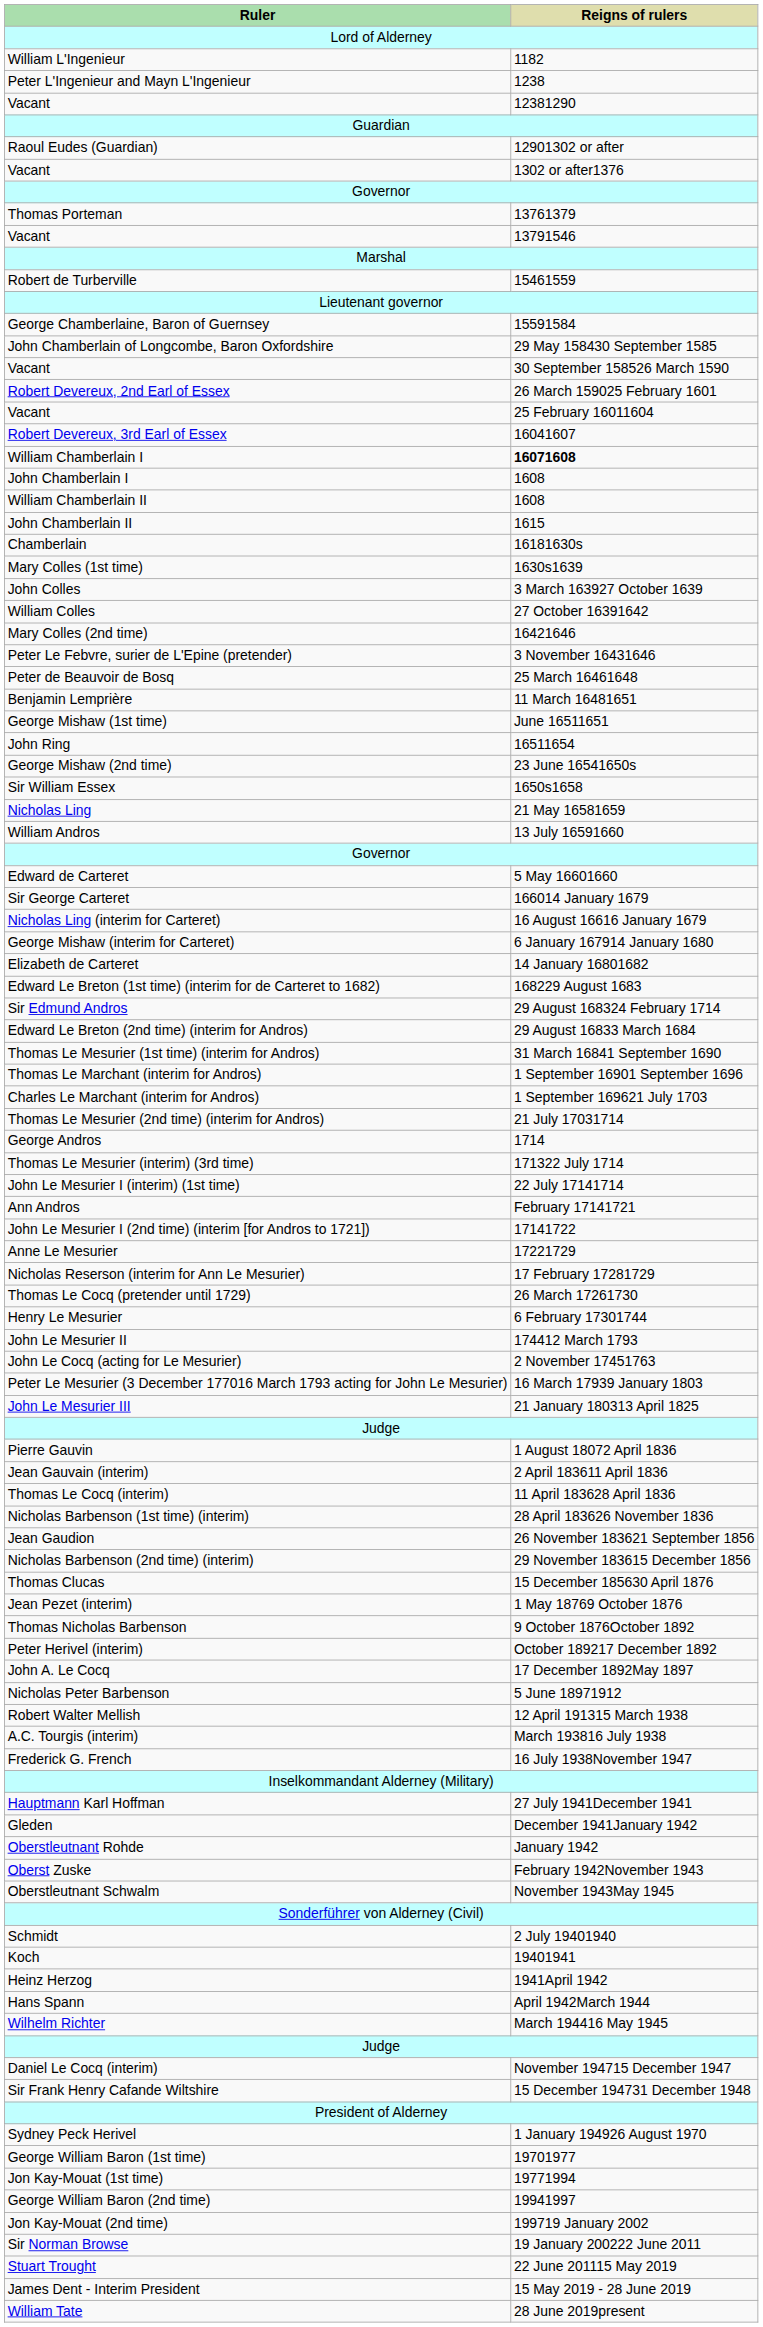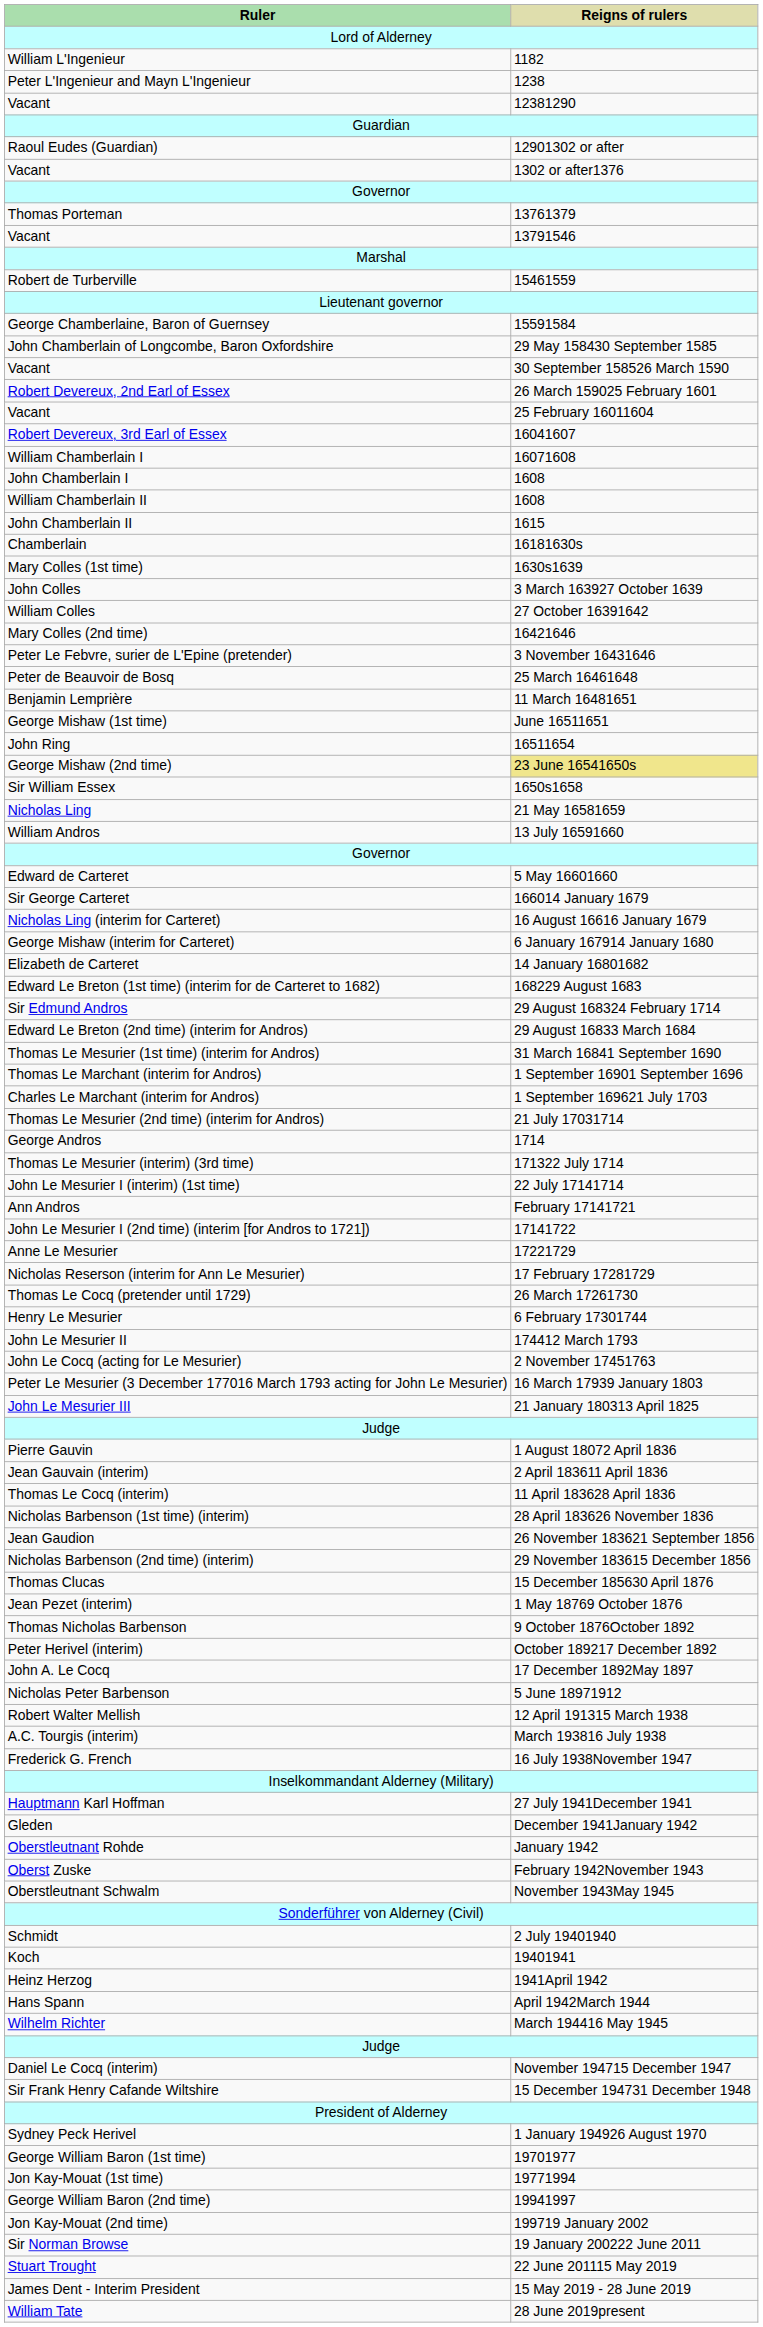 <table class="wikitable">
 <tr>
 <th style=background:#aadead;>Ruler</th>
 <th style=background:#dfdead;>Reigns of rulers</th>
 </tr>
 <tr>
 <td colspan="4" style="background:#c0ffff; text-align:center;">Lord of Alderney</td>
 </tr>
 <tr>
 <td>William L'Ingenieur</td>
 <td>1182</td>
 </tr>
 <tr>
 <td>Peter L'Ingenieur and Mayn L'Ingenieur</td>
 <td>1238</td>
 </tr>
 <tr>
 <td>Vacant</td>
 <td>12381290</td>
 </tr>
 <tr>
 <td colspan="4" style="background:#c0ffff; text-align:center;">Guardian</td>
 </tr>
 <tr>
 <td>Raoul Eudes (Guardian)</td>
 <td>12901302 or after</td>
 </tr>
 <tr>
 <td>Vacant</td>
 <td>1302 or after1376</td>
 </tr>
 <tr>
 <td colspan="4" style="background:#c0ffff; text-align:center;">Governor</td>
 </tr>
 <tr>
 <td>Thomas Porteman</td>
 <td>13761379</td>
 </tr>
 <tr>
 <td>Vacant</td>
 <td>13791546</td>
 </tr>
 <tr>
 <td colspan="4" style="background:#c0ffff; text-align:center;">Marshal</td>
 </tr>
 <tr>
 <td>Robert de Turberville</td>
 <td>15461559</td>
 </tr>
 <tr>
 <td colspan="4" style="background:#c0ffff; text-align:center;">Lieutenant governor</td>
 </tr>
 <tr>
 <td>George Chamberlaine, Baron of Guernsey</td>
 <td>15591584</td>
 </tr>
 <tr>
 <td>John Chamberlain of Longcombe, Baron Oxfordshire</td>
 <td>29 May 158430 September 1585</td>
 </tr>
 <tr>
 <td>Vacant</td>
 <td>30 September 158526 March 1590</td>
 </tr>
 <tr>
 <td><a href='#'>Robert Devereux, 2nd Earl of Essex</a></td>
 <td>26 March 159025 February 1601</td>
 </tr>
 <tr>
 <td>Vacant</td>
 <td>25 February 16011604</td>
 </tr>
 <tr>
 <td><a href='#'>Robert Devereux, 3rd Earl of Essex</a></td>
 <td>16041607</td>
 </tr>
 <tr>
 <td>William Chamberlain I</td>
-<td><strong>16071608</strong></td>
+<td>16071608</td>
 </tr>
 <tr>
 <td>John Chamberlain I</td>
 <td>1608</td>
 </tr>
 <tr>
 <td>William Chamberlain II</td>
 <td>1608</td>
 </tr>
 <tr>
 <td>John Chamberlain II</td>
 <td>1615</td>
 </tr>
 <tr>
 <td>Chamberlain</td>
 <td>16181630s</td>
 </tr>
 <tr>
 <td>Mary Colles (1st time)</td>
 <td>1630s1639</td>
 </tr>
 <tr>
 <td>John Colles</td>
 <td>3 March 163927 October 1639</td>
 </tr>
 <tr>
 <td>William Colles</td>
 <td>27 October 16391642</td>
 </tr>
 <tr>
 <td>Mary Colles (2nd time)</td>
 <td>16421646</td>
 </tr>
 <tr>
 <td>Peter Le Febvre, surier de L'Epine (pretender)</td>
 <td>3 November 16431646</td>
 </tr>
 <tr>
 <td>Peter de Beauvoir de Bosq</td>
 <td>25 March 16461648</td>
 </tr>
 <tr>
 <td>Benjamin Lemprière</td>
 <td>11 March 16481651</td>
 </tr>
 <tr>
 <td>George Mishaw (1st time)</td>
 <td>June 16511651</td>
 </tr>
 <tr>
 <td>John Ring</td>
 <td>16511654</td>
 </tr>
 <tr>
 <td>George Mishaw (2nd time)</td>
-<td>23 June 16541650s</td>
+<td style="background: khaki;">23 June 16541650s</td>
 </tr>
 <tr>
 <td>Sir William Essex</td>
 <td>1650s1658</td>
 </tr>
 <tr>
 <td><a href='#'>Nicholas Ling</a></td>
 <td>21 May 16581659</td>
 </tr>
 <tr>
 <td>William Andros</td>
 <td>13 July 16591660</td>
 </tr>
 <tr>
 <td colspan="4" style="background:#c0ffff; text-align:center;">Governor</td>
 </tr>
 <tr>
 <td>Edward de Carteret</td>
 <td>5 May 16601660</td>
 </tr>
 <tr>
 <td>Sir George Carteret</td>
 <td>166014 January 1679</td>
 </tr>
 <tr>
 <td><a href='#'>Nicholas Ling</a> (interim for Carteret)</td>
 <td>16 August 16616 January 1679</td>
 </tr>
 <tr>
 <td>George Mishaw (interim for Carteret)</td>
 <td>6 January 167914 January 1680</td>
 </tr>
 <tr>
 <td>Elizabeth de Carteret</td>
 <td>14 January 16801682</td>
 </tr>
 <tr>
 <td>Edward Le Breton (1st time) (interim for de Carteret to 1682)</td>
 <td>168229 August 1683</td>
 </tr>
 <tr>
 <td>Sir <a href='#'>Edmund Andros</a></td>
 <td>29 August 168324 February 1714</td>
 </tr>
 <tr>
 <td>Edward Le Breton (2nd time) (interim for Andros)</td>
 <td>29 August 16833 March 1684</td>
 </tr>
 <tr>
 <td>Thomas Le Mesurier (1st time) (interim for Andros)</td>
 <td>31 March 16841 September 1690</td>
 </tr>
 <tr>
 <td>Thomas Le Marchant (interim for Andros)</td>
 <td>1 September 16901 September 1696</td>
 </tr>
 <tr>
 <td>Charles Le Marchant (interim for Andros)</td>
 <td>1 September 169621 July 1703</td>
 </tr>
 <tr>
 <td>Thomas Le Mesurier (2nd time) (interim for Andros)</td>
 <td>21 July 17031714</td>
 </tr>
 <tr>
 <td>George Andros</td>
 <td>1714</td>
 </tr>
 <tr>
 <td>Thomas Le Mesurier (interim) (3rd time)</td>
 <td>171322 July 1714</td>
 </tr>
 <tr>
 <td>John Le Mesurier I (interim) (1st time)</td>
 <td>22 July 17141714</td>
 </tr>
 <tr>
 <td>Ann Andros</td>
 <td>February 17141721</td>
 </tr>
 <tr>
 <td>John Le Mesurier I (2nd time) (interim [for Andros to 1721])</td>
 <td>17141722</td>
 </tr>
 <tr>
 <td>Anne Le Mesurier</td>
 <td>17221729</td>
 </tr>
 <tr>
 <td>Nicholas Reserson (interim for Ann Le Mesurier)</td>
 <td>17 February 17281729</td>
 </tr>
 <tr>
 <td>Thomas Le Cocq (pretender until 1729)</td>
 <td>26 March 17261730</td>
 </tr>
 <tr>
 <td>Henry Le Mesurier</td>
 <td>6 February 17301744</td>
 </tr>
 <tr>
 <td>John Le Mesurier II</td>
 <td>174412 March 1793</td>
 </tr>
 <tr>
 <td>John Le Cocq (acting for Le Mesurier)</td>
 <td>2 November 17451763</td>
 </tr>
 <tr>
 <td>Peter Le Mesurier (3 December 177016 March 1793 acting for John Le Mesurier)</td>
 <td>16 March 17939 January 1803</td>
 </tr>
 <tr>
 <td><a href='#'>John Le Mesurier III</a></td>
 <td>21 January 180313 April 1825</td>
 </tr>
 <tr>
 <td colspan="4" style="background:#c0ffff; text-align:center;">Judge</td>
 </tr>
 <tr>
 <td>Pierre Gauvin</td>
 <td>1 August 18072 April 1836</td>
 </tr>
 <tr>
 <td>Jean Gauvain (interim)</td>
 <td>2 April 183611 April 1836</td>
 </tr>
 <tr>
 <td>Thomas Le Cocq (interim)</td>
 <td>11 April 183628 April 1836</td>
 </tr>
 <tr>
 <td>Nicholas Barbenson (1st time) (interim)</td>
 <td>28 April 183626 November 1836</td>
 </tr>
 <tr>
 <td>Jean Gaudion</td>
 <td>26 November 183621 September 1856</td>
 </tr>
 <tr>
 <td>Nicholas Barbenson (2nd time) (interim)</td>
 <td>29 November 183615 December 1856</td>
 </tr>
 <tr>
 <td>Thomas Clucas</td>
 <td>15 December 185630 April 1876</td>
 </tr>
 <tr>
 <td>Jean Pezet (interim)</td>
 <td>1 May 18769 October 1876</td>
 </tr>
 <tr>
 <td>Thomas Nicholas Barbenson</td>
 <td>9 October 1876October 1892</td>
 </tr>
 <tr>
 <td>Peter Herivel (interim)</td>
 <td>October 189217 December 1892</td>
 </tr>
 <tr>
 <td>John A. Le Cocq</td>
 <td>17 December 1892May 1897</td>
 </tr>
 <tr>
 <td>Nicholas Peter Barbenson</td>
 <td>5 June 18971912</td>
 </tr>
 <tr>
 <td>Robert Walter Mellish</td>
 <td>12 April 191315 March 1938</td>
 </tr>
 <tr>
 <td>A.C. Tourgis (interim)</td>
 <td>March 193816 July 1938</td>
 </tr>
 <tr>
 <td>Frederick G. French</td>
 <td>16 July 1938November 1947</td>
 </tr>
 <tr>
 <td colspan="4" style="background:#c0ffff; text-align:center;">Inselkommandant Alderney (Military)</td>
 </tr>
 <tr>
 <td><a href='#'>Hauptmann</a> Karl Hoffman</td>
 <td>27 July 1941December 1941</td>
 </tr>
 <tr>
 <td>Gleden</td>
 <td>December 1941January 1942</td>
 </tr>
 <tr>
 <td><a href='#'>Oberstleutnant</a> Rohde</td>
 <td>January 1942</td>
 </tr>
 <tr>
 <td><a href='#'>Oberst</a> Zuske</td>
 <td>February 1942November 1943</td>
 </tr>
 <tr>
 <td>Oberstleutnant Schwalm</td>
 <td>November 1943May 1945</td>
 </tr>
 <tr>
 <td colspan="4" style="background:#c0ffff; text-align:center;"><a href='#'>Sonderführer</a> von Alderney (Civil)</td>
 </tr>
 <tr>
 <td>Schmidt</td>
 <td>2 July 19401940</td>
 </tr>
 <tr>
 <td>Koch</td>
 <td>19401941</td>
 </tr>
 <tr>
 <td>Heinz Herzog</td>
 <td>1941April 1942</td>
 </tr>
 <tr>
 <td>Hans Spann</td>
 <td>April 1942March 1944</td>
 </tr>
 <tr>
 <td><a href='#'>Wilhelm Richter</a></td>
 <td>March 194416 May 1945</td>
 </tr>
 <tr>
 <td colspan="4" style="background:#c0ffff; text-align:center;">Judge</td>
 </tr>
 <tr>
 <td>Daniel Le Cocq (interim)</td>
 <td>November 194715 December 1947</td>
 </tr>
 <tr>
 <td>Sir Frank Henry Cafande Wiltshire</td>
 <td>15 December 194731 December 1948</td>
 </tr>
 <tr>
 <td colspan="4" style="background:#c0ffff; text-align:center;">President of Alderney</td>
 </tr>
 <tr>
 <td>Sydney Peck Herivel</td>
 <td>1 January 194926 August 1970</td>
 </tr>
 <tr>
 <td>George William Baron (1st time)</td>
 <td>19701977</td>
 </tr>
 <tr>
 <td>Jon Kay-Mouat (1st time)</td>
 <td>19771994</td>
 </tr>
 <tr>
 <td>George William Baron (2nd time)</td>
 <td>19941997</td>
 </tr>
 <tr>
 <td>Jon Kay-Mouat (2nd time)</td>
 <td>199719 January 2002</td>
 </tr>
 <tr>
 <td>Sir <a href='#'>Norman Browse</a></td>
 <td>19 January 200222 June 2011</td>
 </tr>
 <tr>
 <td><a href='#'>Stuart Trought</a></td>
 <td>22 June 201115 May 2019</td>
 </tr>
 <tr>
 <td>James Dent - Interim President</td>
 <td>15 May 2019 - 28 June 2019</td>
 </tr>
 <tr>
 <td><a href='#'>William Tate</a></td>
 <td>28 June 2019present</td>
 </tr>
 </table>
